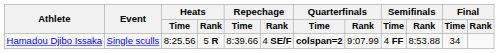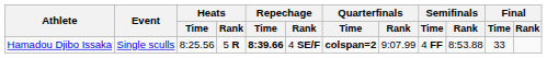 <table class="wikitable" style="font-size:90%">
 <tr>
 <th rowspan="2">Athlete</th>
 <th rowspan="2">Event</th>
 <th colspan="2">Heats</th>
 <th colspan="2">Repechage</th>
 <th colspan=2>Quarterfinals</th>
 <th colspan="2">Semifinals</th>
 <th colspan="2">Final</th>
 </tr>
 <tr style="font-size:95%">
 <th>Time</th>
 <th>Rank</th>
 <th>Time</th>
 <th>Rank</th>
 <th>Time</th>
 <th>Rank</th>
 <th>Time</th>
 <th>Rank</th>
 <th>Time</th>
 <th>Rank</th>
 </tr>
 <tr align=center>
 <td align=left><a href='#'>Hamadou Djibo Issaka</a></td>
 <td align=left><a href='#'>Single sculls</a></td>
 <td>8:25.56</td>
 <td>5 <strong>R</strong></td>
-<td>8:39.66</td>
+<td><strong>8:39.66</strong></td>
 <td>4 <strong>SE/F</strong></td>
 <td><strong>colspan=2 </strong></td>
 <td>9:07.99</td>
 <td>4 <strong>FF</strong></td>
 <td>8:53.88</td>
-<td>34</td>
+<td>33</td>
 </tr>
 </table>
